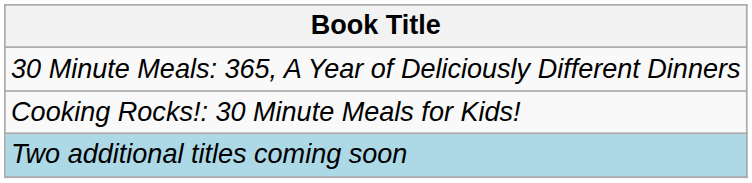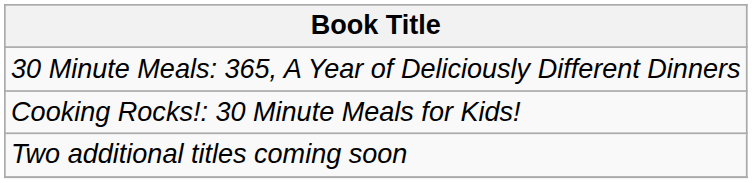 <table class="wikitable">
 <tr>
 <th>Book Title</th>
 </tr>
 <tr>
 <td><em>30 Minute Meals: 365, A Year of Deliciously Different Dinners</em></td>
 </tr>
 <tr>
 <td><em>Cooking Rocks!: 30 Minute Meals for Kids!</em></td>
 </tr>
 <tr>
-<td style="background: lightblue;"><em>Two additional titles coming soon</em></td>
+<td><em>Two additional titles coming soon</em></td>
 </tr>
 <tr>
 </tr>
 </table>
